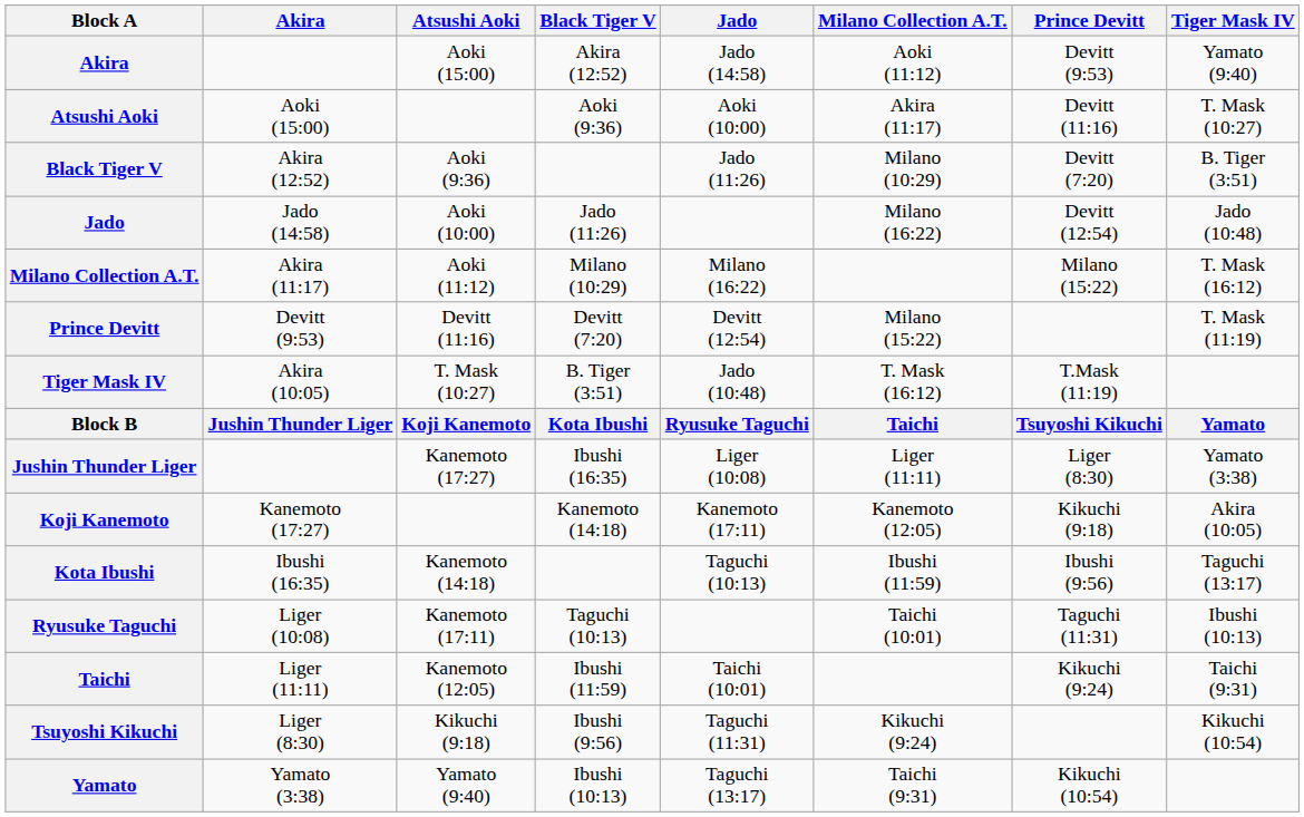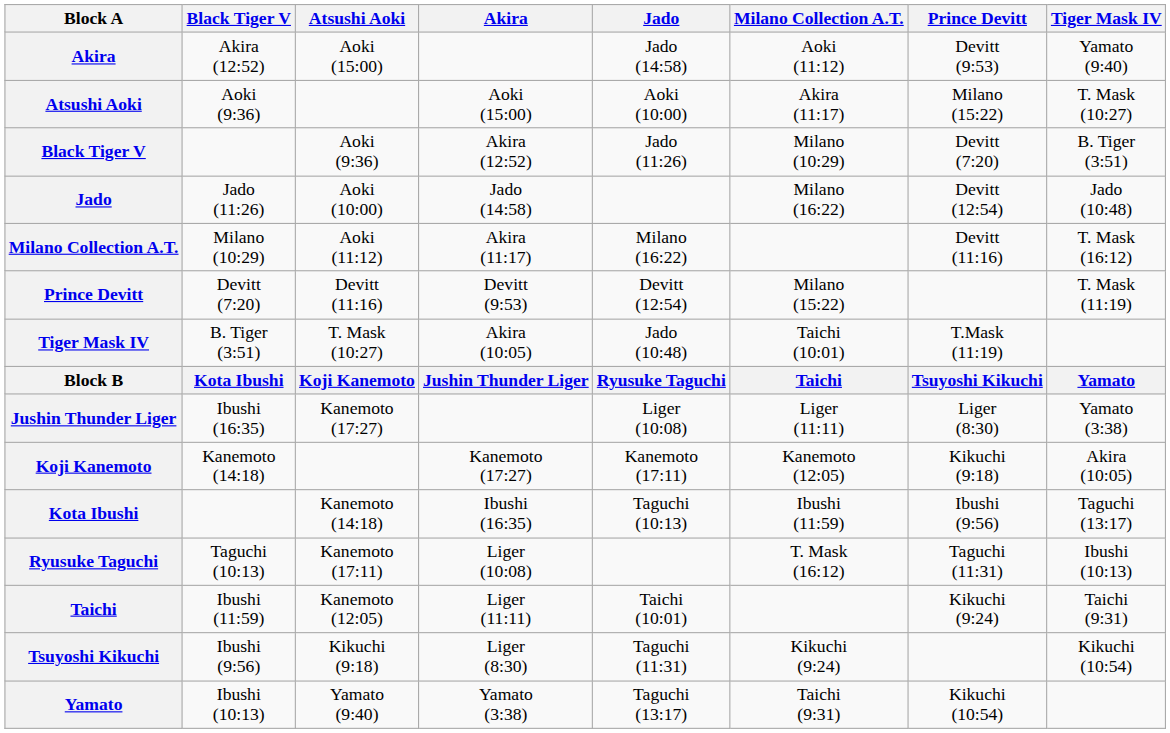 <table class="wikitable" style="margin: 1em auto 1em auto">
 <tr align="center">
 <th>Block A</th>
+<th><a href='#'>Black Tiger V</a></th>
+<th><a href='#'>Atsushi Aoki</a></th>
 <th><a href='#'>Akira</a></th>
-<th><a href='#'>Atsushi Aoki</a></th>
-<th><a href='#'>Black Tiger V</a></th>
 <th><a href='#'>Jado</a></th>
 <th><a href='#'>Milano Collection A.T.</a></th>
 <th><a href='#'>Prince Devitt</a></th>
 <th><a href='#'>Tiger Mask IV</a></th>
 </tr>
 <tr align="center">
 <th><a href='#'>Akira</a></th>
+<td>Akira<br>(12:52)</td>
+<td>Aoki<br>(15:00)</td>
 <td></td>
-<td>Aoki<br>(15:00)</td>
-<td>Akira<br>(12:52)</td>
 <td>Jado<br>(14:58)</td>
 <td>Aoki<br>(11:12)</td>
 <td>Devitt<br>(9:53)</td>
 <td>Yamato<br>(9:40)</td>
 </tr>
 <tr align="center">
 <th><a href='#'>Atsushi Aoki</a></th>
+<td>Aoki<br>(9:36)</td>
+<td></td>
 <td>Aoki<br>(15:00)</td>
-<td></td>
-<td>Aoki<br>(9:36)</td>
 <td>Aoki<br>(10:00)</td>
 <td>Akira<br>(11:17)</td>
-<td>Devitt<br>(11:16)</td>
+<td>Milano<br>(15:22)</td>
 <td>T. Mask<br>(10:27)</td>
 </tr>
 <tr align="center">
 <th><a href='#'>Black Tiger V</a></th>
+<td></td>
+<td>Aoki<br>(9:36)</td>
 <td>Akira<br>(12:52)</td>
-<td>Aoki<br>(9:36)</td>
-<td></td>
 <td>Jado<br>(11:26)</td>
 <td>Milano<br>(10:29)</td>
 <td>Devitt<br>(7:20)</td>
 <td>B. Tiger<br>(3:51)</td>
 </tr>
 <tr align="center">
 <th><a href='#'>Jado</a></th>
+<td>Jado<br>(11:26)</td>
+<td>Aoki<br>(10:00)</td>
 <td>Jado<br>(14:58)</td>
-<td>Aoki<br>(10:00)</td>
-<td>Jado<br>(11:26)</td>
 <td></td>
 <td>Milano<br>(16:22)</td>
 <td>Devitt<br>(12:54)</td>
 <td>Jado<br>(10:48)</td>
 </tr>
 <tr align="center">
 <th><a href='#'>Milano Collection A.T.</a></th>
+<td>Milano<br>(10:29)</td>
+<td>Aoki<br>(11:12)</td>
 <td>Akira<br>(11:17)</td>
-<td>Aoki<br>(11:12)</td>
-<td>Milano<br>(10:29)</td>
 <td>Milano<br>(16:22)</td>
 <td></td>
-<td>Milano<br>(15:22)</td>
+<td>Devitt<br>(11:16)</td>
 <td>T. Mask<br>(16:12)</td>
 </tr>
 <tr align="center">
 <th><a href='#'>Prince Devitt</a></th>
+<td>Devitt<br>(7:20)</td>
+<td>Devitt<br>(11:16)</td>
 <td>Devitt<br>(9:53)</td>
-<td>Devitt<br>(11:16)</td>
-<td>Devitt<br>(7:20)</td>
 <td>Devitt<br>(12:54)</td>
 <td>Milano<br>(15:22)</td>
 <td></td>
 <td>T. Mask<br>(11:19)</td>
 </tr>
 <tr align="center">
 <th><a href='#'>Tiger Mask IV</a></th>
+<td>B. Tiger<br>(3:51)</td>
+<td>T. Mask<br>(10:27)</td>
 <td>Akira<br>(10:05)</td>
-<td>T. Mask<br>(10:27)</td>
-<td>B. Tiger<br>(3:51)</td>
 <td>Jado<br>(10:48)</td>
-<td>T. Mask<br>(16:12)</td>
+<td>Taichi<br>(10:01)</td>
 <td>T.Mask<br>(11:19)</td>
 <td></td>
 </tr>
 <tr align="center">
 <th>Block B</th>
+<th><a href='#'>Kota Ibushi</a></th>
+<th><a href='#'>Koji Kanemoto</a></th>
 <th><a href='#'>Jushin Thunder Liger</a></th>
-<th><a href='#'>Koji Kanemoto</a></th>
-<th><a href='#'>Kota Ibushi</a></th>
 <th><a href='#'>Ryusuke Taguchi</a></th>
 <th><a href='#'>Taichi</a></th>
 <th><a href='#'>Tsuyoshi Kikuchi</a></th>
 <th><a href='#'>Yamato</a></th>
 </tr>
 <tr align="center">
 <th><a href='#'>Jushin Thunder Liger</a></th>
+<td>Ibushi<br>(16:35)</td>
+<td>Kanemoto<br>(17:27)</td>
 <td></td>
-<td>Kanemoto<br>(17:27)</td>
-<td>Ibushi<br>(16:35)</td>
 <td>Liger<br>(10:08)</td>
 <td>Liger<br>(11:11)</td>
 <td>Liger<br>(8:30)</td>
 <td>Yamato<br>(3:38)</td>
 </tr>
 <tr align="center">
 <th><a href='#'>Koji Kanemoto</a></th>
+<td>Kanemoto<br>(14:18)</td>
+<td></td>
 <td>Kanemoto<br>(17:27)</td>
-<td></td>
-<td>Kanemoto<br>(14:18)</td>
 <td>Kanemoto<br>(17:11)</td>
 <td>Kanemoto<br>(12:05)</td>
 <td>Kikuchi<br>(9:18)</td>
 <td>Akira<br>(10:05)</td>
 </tr>
 <tr align="center">
 <th><a href='#'>Kota Ibushi</a></th>
+<td></td>
+<td>Kanemoto<br>(14:18)</td>
 <td>Ibushi<br>(16:35)</td>
-<td>Kanemoto<br>(14:18)</td>
-<td></td>
 <td>Taguchi<br>(10:13)</td>
 <td>Ibushi<br>(11:59)</td>
 <td>Ibushi<br>(9:56)</td>
 <td>Taguchi<br>(13:17)</td>
 </tr>
 <tr align="center">
 <th><a href='#'>Ryusuke Taguchi</a></th>
+<td>Taguchi<br>(10:13)</td>
+<td>Kanemoto<br>(17:11)</td>
 <td>Liger<br>(10:08)</td>
-<td>Kanemoto<br>(17:11)</td>
-<td>Taguchi<br>(10:13)</td>
 <td></td>
-<td>Taichi<br>(10:01)</td>
+<td>T. Mask<br>(16:12)</td>
 <td>Taguchi<br>(11:31)</td>
 <td>Ibushi<br>(10:13)</td>
 </tr>
 <tr align="center">
 <th><a href='#'>Taichi</a></th>
+<td>Ibushi<br>(11:59)</td>
+<td>Kanemoto<br>(12:05)</td>
 <td>Liger<br>(11:11)</td>
-<td>Kanemoto<br>(12:05)</td>
-<td>Ibushi<br>(11:59)</td>
 <td>Taichi<br>(10:01)</td>
 <td></td>
 <td>Kikuchi<br>(9:24)</td>
 <td>Taichi<br>(9:31)</td>
 </tr>
 <tr align="center">
 <th><a href='#'>Tsuyoshi Kikuchi</a></th>
+<td>Ibushi<br>(9:56)</td>
+<td>Kikuchi<br>(9:18)</td>
 <td>Liger<br>(8:30)</td>
-<td>Kikuchi<br>(9:18)</td>
-<td>Ibushi<br>(9:56)</td>
 <td>Taguchi<br>(11:31)</td>
 <td>Kikuchi<br>(9:24)</td>
 <td></td>
 <td>Kikuchi<br>(10:54)</td>
 </tr>
 <tr align="center">
 <th><a href='#'>Yamato</a></th>
+<td>Ibushi<br>(10:13)</td>
+<td>Yamato<br>(9:40)</td>
 <td>Yamato<br>(3:38)</td>
-<td>Yamato<br>(9:40)</td>
-<td>Ibushi<br>(10:13)</td>
 <td>Taguchi<br>(13:17)</td>
 <td>Taichi<br>(9:31)</td>
 <td>Kikuchi<br>(10:54)</td>
 <td></td>
 </tr>
 </table>
